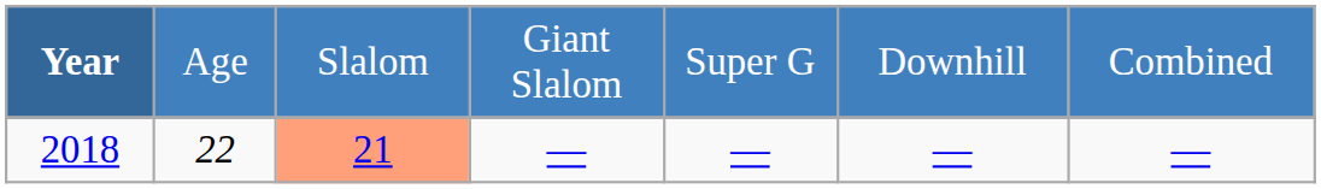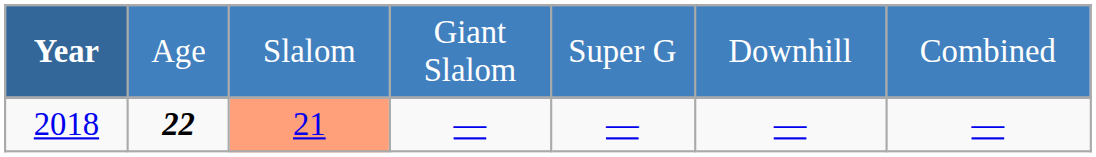 <table class="wikitable" style="font-size:95%; text-align:center; border:grey solid 1px; border-collapse:collapse;" width="40%">
 <tr style="background-color:#369; color:white;">
 <td rowspan="2" colspan="1" width="4%"><strong>Year</strong></td>
 </tr>
 <tr style="background-color:#4180be; color:white;">
 <td width="3%">Age</td>
 <td width="5%">Slalom</td>
 <td width="5%">Giant<br>Slalom</td>
 <td width="5%">Super G</td>
 <td width="5%">Downhill</td>
 <td width="5%">Combined</td>
 </tr>
 <tr style="background-color:#8CB2D8; color:white;">
 </tr>
 <tr>
 <td><a href='#'>2018</a></td>
-<td><em>22</em></td>
+<td><strong><em>22</em></strong></td>
 <td style="background: lightsalmon;"><a href='#'>21</a></td>
 <td><a href='#'>—</a></td>
 <td><a href='#'>—</a></td>
 <td><a href='#'>—</a></td>
 <td><a href='#'>—</a></td>
 </tr>
 </table>
